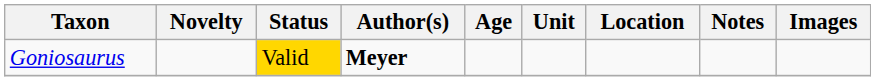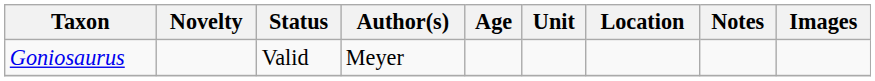 <table class="wikitable sortable" align="center" width="100%">
 <tr>
 <th>Taxon</th>
 <th>Novelty</th>
 <th>Status</th>
 <th>Author(s)</th>
 <th>Age</th>
 <th>Unit</th>
 <th>Location</th>
 <th>Notes</th>
 <th>Images</th>
 </tr>
 <tr>
 <td><em><a href='#'>Goniosaurus</a></em></td>
 <td></td>
-<td style="background: gold;">Valid</td>
-<td><strong>Meyer</strong></td>
+<td>Valid</td>
+<td>Meyer</td>
 <td></td>
 <td></td>
 <td></td>
 <td></td>
 <td></td>
 </tr>
 <tr>
 </tr>
 </table>
